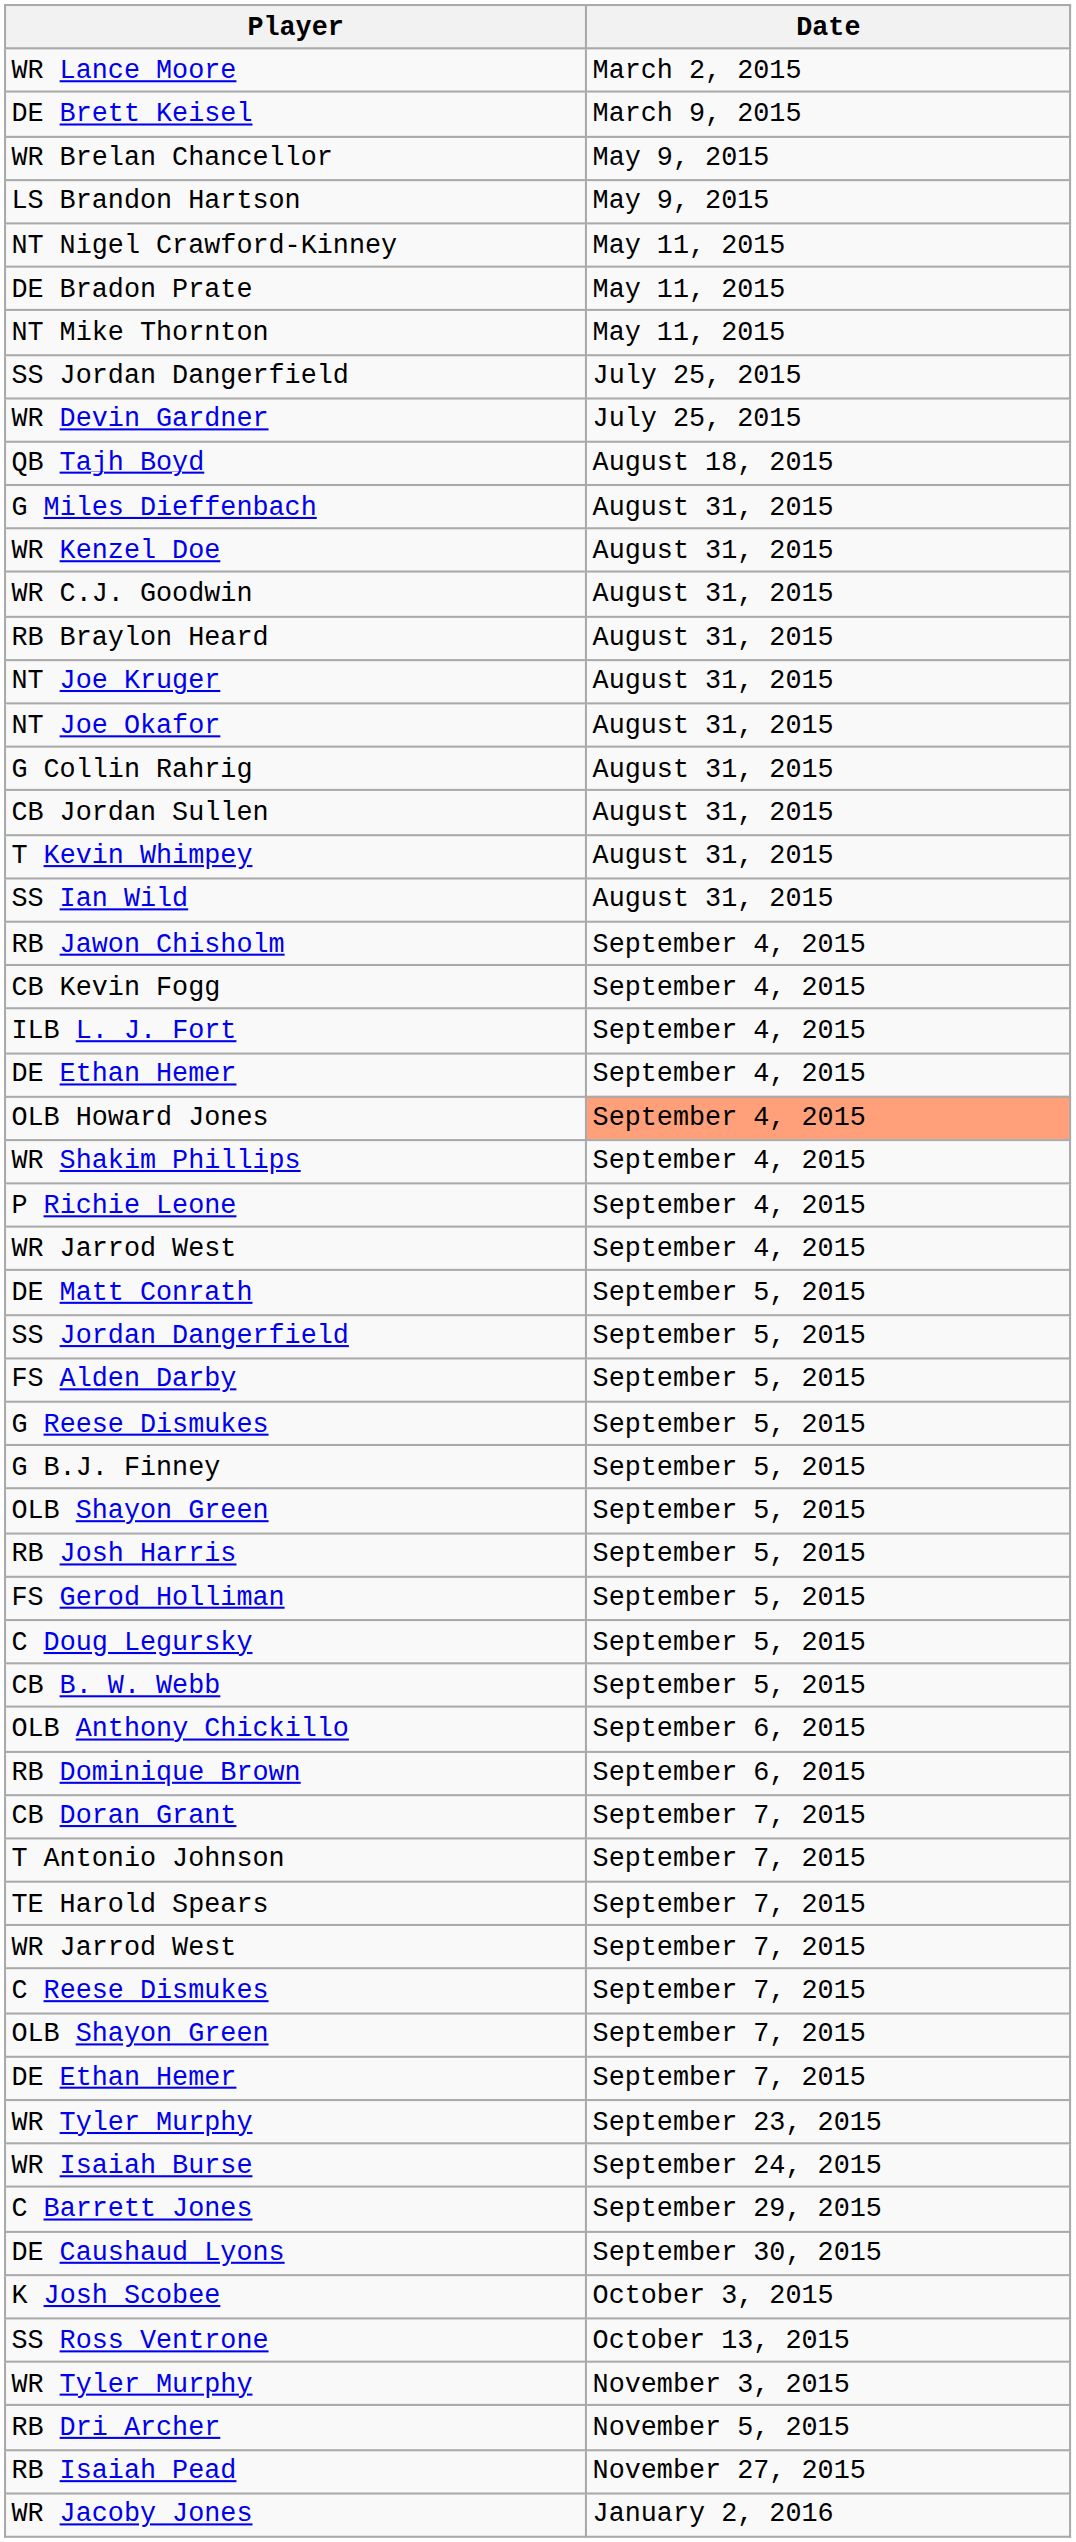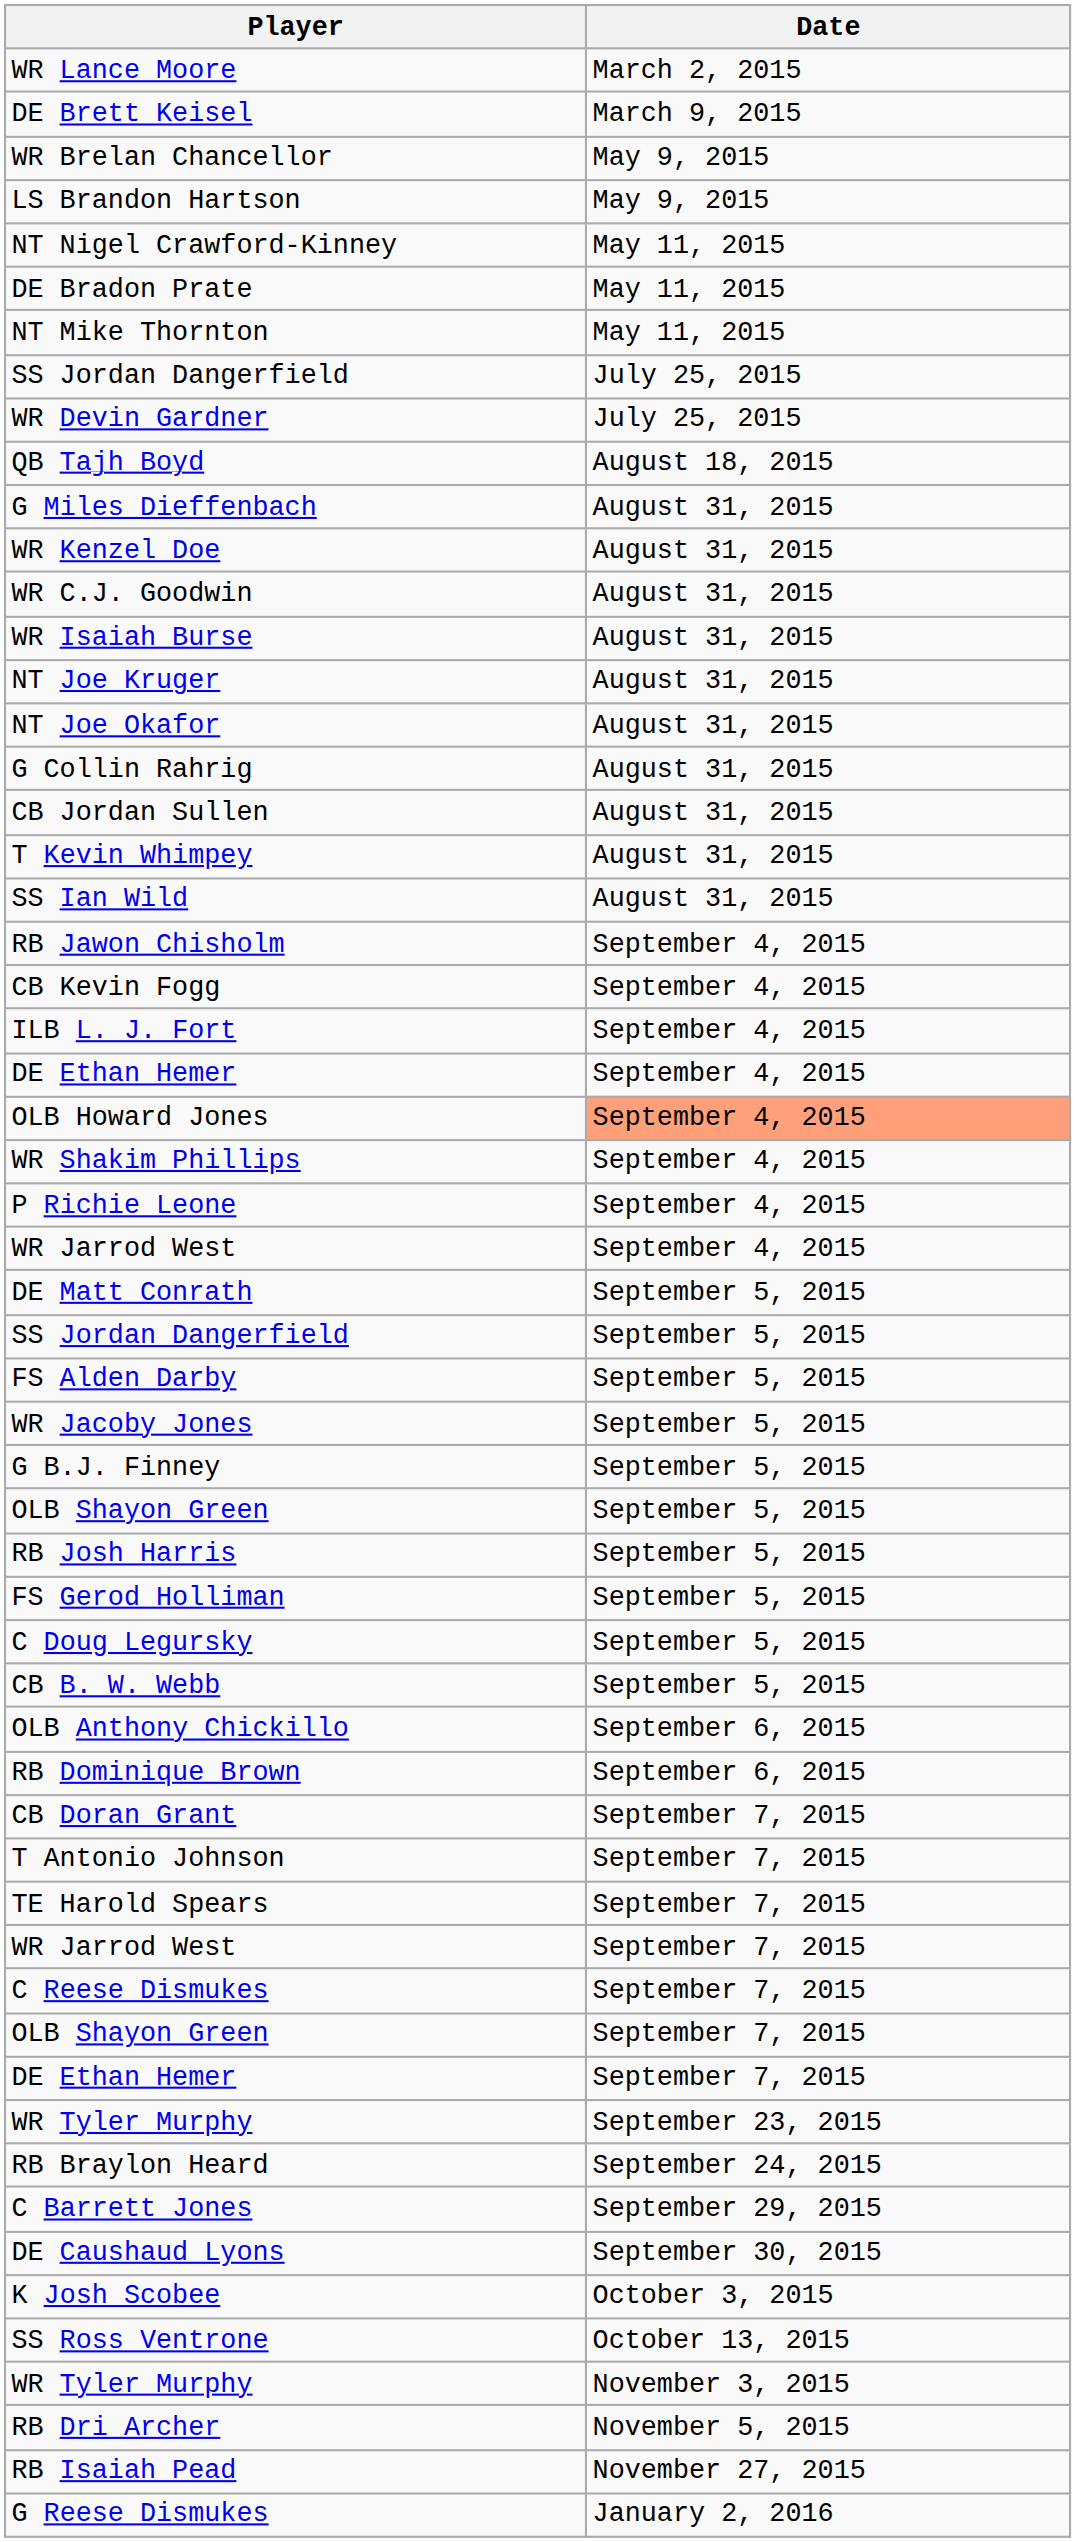 <table class="wikitable" style="width:41%;">
 <tr style="text-align:center; background:#ddd;">
 <th style="width:30%;">Player</th>
 <th style="width:25%;">Date</th>
 </tr>
 <tr>
 <td>WR <a href='#'>Lance Moore</a></td>
 <td>March 2, 2015</td>
 </tr>
 <tr>
 <td>DE <a href='#'>Brett Keisel</a></td>
 <td>March 9, 2015</td>
 </tr>
 <tr>
 <td>WR Brelan Chancellor</td>
 <td>May 9, 2015</td>
 </tr>
 <tr>
 <td>LS Brandon Hartson</td>
 <td>May 9, 2015</td>
 </tr>
 <tr>
 <td>NT Nigel Crawford-Kinney</td>
 <td>May 11, 2015</td>
 </tr>
 <tr>
 <td>DE Bradon Prate</td>
 <td>May 11, 2015</td>
 </tr>
 <tr>
 <td>NT Mike Thornton</td>
 <td>May 11, 2015</td>
 </tr>
 <tr>
 <td>SS Jordan Dangerfield</td>
 <td>July 25, 2015</td>
 </tr>
 <tr>
 <td>WR <a href='#'>Devin Gardner</a></td>
 <td>July 25, 2015</td>
 </tr>
 <tr>
 <td>QB <a href='#'>Tajh Boyd</a></td>
 <td>August 18, 2015</td>
 </tr>
 <tr>
 <td>G <a href='#'>Miles Dieffenbach</a></td>
 <td>August 31, 2015</td>
 </tr>
 <tr>
 <td>WR <a href='#'>Kenzel Doe</a></td>
 <td>August 31, 2015</td>
 </tr>
 <tr>
 <td>WR C.J. Goodwin</td>
 <td>August 31, 2015</td>
 </tr>
 <tr>
-<td>RB Braylon Heard</td>
+<td>WR <a href='#'>Isaiah Burse</a></td>
 <td>August 31, 2015</td>
 </tr>
 <tr>
 <td>NT <a href='#'>Joe Kruger</a></td>
 <td>August 31, 2015</td>
 </tr>
 <tr>
 <td>NT <a href='#'>Joe Okafor</a></td>
 <td>August 31, 2015</td>
 </tr>
 <tr>
 <td>G Collin Rahrig</td>
 <td>August 31, 2015</td>
 </tr>
 <tr>
 <td>CB Jordan Sullen</td>
 <td>August 31, 2015</td>
 </tr>
 <tr>
 <td>T <a href='#'>Kevin Whimpey</a></td>
 <td>August 31, 2015</td>
 </tr>
 <tr>
 <td>SS <a href='#'>Ian Wild</a></td>
 <td>August 31, 2015</td>
 </tr>
 <tr>
 <td>RB <a href='#'>Jawon Chisholm</a></td>
 <td>September 4, 2015</td>
 </tr>
 <tr>
 <td>CB Kevin Fogg</td>
 <td>September 4, 2015</td>
 </tr>
 <tr>
 <td>ILB <a href='#'>L. J. Fort</a></td>
 <td>September 4, 2015</td>
 </tr>
 <tr>
 <td>DE <a href='#'>Ethan Hemer</a></td>
 <td>September 4, 2015</td>
 </tr>
 <tr>
 <td>OLB Howard Jones</td>
 <td style="background: lightsalmon;">September 4, 2015</td>
 </tr>
 <tr>
 <td>WR <a href='#'>Shakim Phillips</a></td>
 <td>September 4, 2015</td>
 </tr>
 <tr>
 <td>P <a href='#'>Richie Leone</a></td>
 <td>September 4, 2015</td>
 </tr>
 <tr>
 <td>WR Jarrod West</td>
 <td>September 4, 2015</td>
 </tr>
 <tr>
 <td>DE <a href='#'>Matt Conrath</a></td>
 <td>September 5, 2015</td>
 </tr>
 <tr>
 <td>SS <a href='#'>Jordan Dangerfield</a></td>
 <td>September 5, 2015</td>
 </tr>
 <tr>
 <td>FS <a href='#'>Alden Darby</a></td>
 <td>September 5, 2015</td>
 </tr>
 <tr>
-<td>G <a href='#'>Reese Dismukes</a></td>
+<td>WR <a href='#'>Jacoby Jones</a></td>
 <td>September 5, 2015</td>
 </tr>
 <tr>
 <td>G B.J. Finney</td>
 <td>September 5, 2015</td>
 </tr>
 <tr>
 <td>OLB <a href='#'>Shayon Green</a></td>
 <td>September 5, 2015</td>
 </tr>
 <tr>
 <td>RB <a href='#'>Josh Harris</a></td>
 <td>September 5, 2015</td>
 </tr>
 <tr>
 <td>FS <a href='#'>Gerod Holliman</a></td>
 <td>September 5, 2015</td>
 </tr>
 <tr>
 <td>C <a href='#'>Doug Legursky</a></td>
 <td>September 5, 2015</td>
 </tr>
 <tr>
 <td>CB <a href='#'>B. W. Webb</a></td>
 <td>September 5, 2015</td>
 </tr>
 <tr>
 <td>OLB <a href='#'>Anthony Chickillo</a></td>
 <td>September 6, 2015</td>
 </tr>
 <tr>
 <td>RB <a href='#'>Dominique Brown</a></td>
 <td>September 6, 2015</td>
 </tr>
 <tr>
 <td>CB <a href='#'>Doran Grant</a></td>
 <td>September 7, 2015</td>
 </tr>
 <tr>
 <td>T Antonio Johnson</td>
 <td>September 7, 2015</td>
 </tr>
 <tr>
 <td>TE Harold Spears</td>
 <td>September 7, 2015</td>
 </tr>
 <tr>
 <td>WR Jarrod West</td>
 <td>September 7, 2015</td>
 </tr>
 <tr>
 <td>C <a href='#'>Reese Dismukes</a></td>
 <td>September 7, 2015</td>
 </tr>
 <tr>
 <td>OLB <a href='#'>Shayon Green</a></td>
 <td>September 7, 2015</td>
 </tr>
 <tr>
 <td>DE <a href='#'>Ethan Hemer</a></td>
 <td>September 7, 2015</td>
 </tr>
 <tr>
 <td>WR <a href='#'>Tyler Murphy</a></td>
 <td>September 23, 2015</td>
 </tr>
 <tr>
-<td>WR <a href='#'>Isaiah Burse</a></td>
+<td>RB Braylon Heard</td>
 <td>September 24, 2015</td>
 </tr>
 <tr>
 <td>C <a href='#'>Barrett Jones</a></td>
 <td>September 29, 2015</td>
 </tr>
 <tr>
 <td>DE <a href='#'>Caushaud Lyons</a></td>
 <td>September 30, 2015</td>
 </tr>
 <tr>
 <td>K <a href='#'>Josh Scobee</a></td>
 <td>October 3, 2015</td>
 </tr>
 <tr>
 <td>SS <a href='#'>Ross Ventrone</a></td>
 <td>October 13, 2015</td>
 </tr>
 <tr>
 <td>WR <a href='#'>Tyler Murphy</a></td>
 <td>November 3, 2015</td>
 </tr>
 <tr>
 <td>RB <a href='#'>Dri Archer</a></td>
 <td>November 5, 2015</td>
 </tr>
 <tr>
 <td>RB <a href='#'>Isaiah Pead</a></td>
 <td>November 27, 2015</td>
 </tr>
 <tr>
-<td>WR <a href='#'>Jacoby Jones</a></td>
+<td>G <a href='#'>Reese Dismukes</a></td>
 <td>January 2, 2016</td>
 </tr>
 </table>
